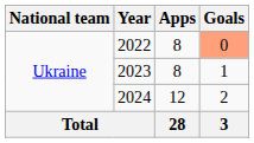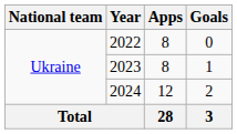 <table class="wikitable" style="text-align: center;">
 <tr>
 <th>National team</th>
 <th>Year</th>
 <th>Apps</th>
 <th>Goals</th>
 </tr>
 <tr>
 <td rowspan="3"><a href='#'>Ukraine</a></td>
 <td>2022</td>
 <td>8</td>
-<td style="background: lightsalmon;">0</td>
+<td>0</td>
 </tr>
 <tr>
 <td>2023</td>
 <td>8</td>
 <td>1</td>
 </tr>
 <tr>
 <td>2024</td>
 <td>12</td>
 <td>2</td>
 </tr>
 <tr>
 <th colspan="2">Total</th>
 <th>28</th>
 <th>3</th>
 </tr>
 </table>
